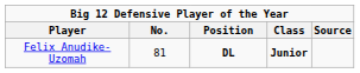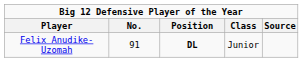 <table class="wikitable" style="text-align:center">
 <tr>
 <td colspan="6"><strong>Big 12 Defensive Player of the Year</strong></td>
 </tr>
 <tr>
 <th style="width:150px; ">Player</th>
 <th style="width:70px; ">No.</th>
 <th style="width:90px; ">Position</th>
 <th style="width:50px; ">Class</th>
 <th style="width:10px; ">Source</th>
 </tr>
 <tr>
 <td><a href='#'>Felix Anudike-Uzomah</a></td>
-<td>81</td>
+<td>91</td>
 <td><strong>DL</strong></td>
-<td><strong>Junior</strong></td>
+<td>Junior</td>
 <td></td>
 </tr>
 </table>
